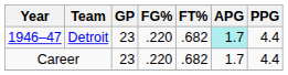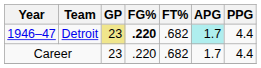 <table class="wikitable sortable" style="font-size:95%; text-align:right;">
 <tr>
 <th>Year</th>
 <th>Team</th>
 <th>GP</th>
 <th>FG%</th>
 <th>FT%</th>
 <th>APG</th>
 <th>PPG</th>
 </tr>
 <tr>
 <td style="text-align:left;"><a href='#'>1946–47</a></td>
 <td style="text-align:left;"><a href='#'>Detroit</a></td>
-<td>23</td>
-<td>.220</td>
+<td style="background: khaki;">23</td>
+<td><strong>.220</strong></td>
 <td>.682</td>
 <td style="background: paleturquoise;">1.7</td>
 <td>4.4</td>
 </tr>
 <tr>
 <td style="text-align:center;" colspan="2">Career</td>
 <td>23</td>
 <td>.220</td>
 <td>.682</td>
 <td>1.7</td>
 <td>4.4</td>
 </tr>
 <tr>
 </tr>
 </table>
